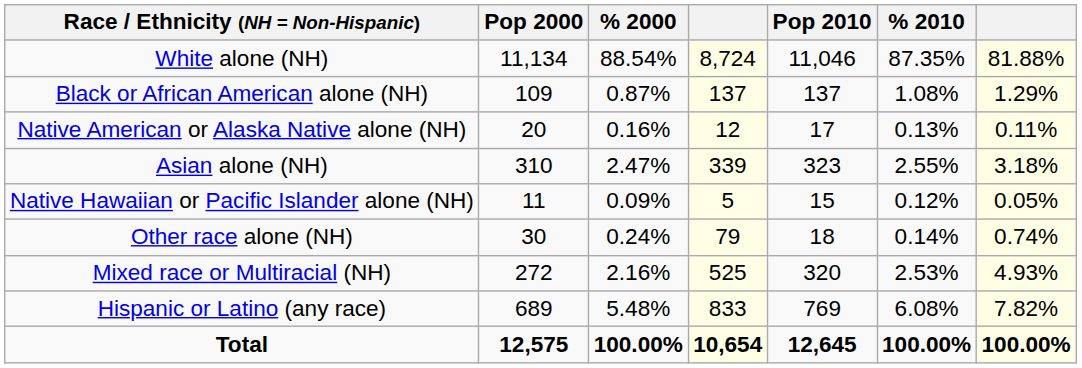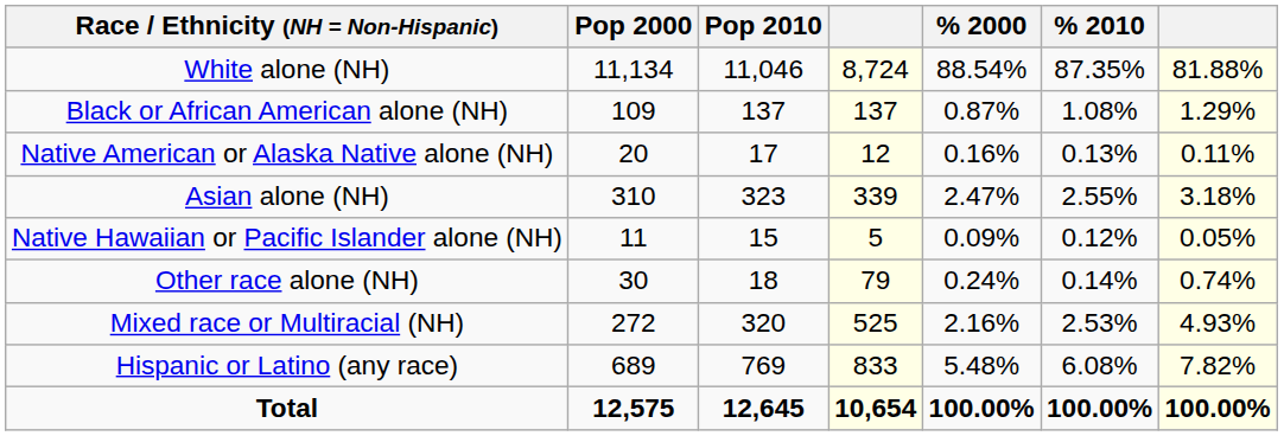 <table class="wikitable" style="text-align:center;">
 <tr>
 <th>Race / Ethnicity <small>(<em>NH = Non-Hispanic</em>)</small></th>
 <th>Pop 2000</th>
+<th>Pop 2010</th>
+<th></th>
 <th>% 2000</th>
-<th></th>
-<th>Pop 2010</th>
 <th>% 2010</th>
 <th></th>
 </tr>
 <tr>
 <td><a href='#'>White</a> alone (NH)</td>
 <td>11,134</td>
+<td>11,046</td>
+<td style='background: #ffffe6;'>8,724</td>
 <td>88.54%</td>
-<td style='background: #ffffe6;'>8,724</td>
-<td>11,046</td>
 <td>87.35%</td>
 <td style='background: #ffffe6;'>81.88%</td>
 </tr>
 <tr>
 <td><a href='#'>Black or African American</a> alone (NH)</td>
 <td>109</td>
+<td>137</td>
+<td style='background: #ffffe6;'>137</td>
 <td>0.87%</td>
-<td style='background: #ffffe6;'>137</td>
-<td>137</td>
 <td>1.08%</td>
 <td style='background: #ffffe6;'>1.29%</td>
 </tr>
 <tr>
 <td><a href='#'>Native American</a> or <a href='#'>Alaska Native</a> alone (NH)</td>
 <td>20</td>
+<td>17</td>
+<td style='background: #ffffe6;'>12</td>
 <td>0.16%</td>
-<td style='background: #ffffe6;'>12</td>
-<td>17</td>
 <td>0.13%</td>
 <td style='background: #ffffe6;'>0.11%</td>
 </tr>
 <tr>
 <td><a href='#'>Asian</a> alone (NH)</td>
 <td>310</td>
+<td>323</td>
+<td style='background: #ffffe6;'>339</td>
 <td>2.47%</td>
-<td style='background: #ffffe6;'>339</td>
-<td>323</td>
 <td>2.55%</td>
 <td style='background: #ffffe6;'>3.18%</td>
 </tr>
 <tr>
 <td><a href='#'>Native Hawaiian</a> or <a href='#'>Pacific Islander</a> alone (NH)</td>
 <td>11</td>
+<td>15</td>
+<td style='background: #ffffe6;'>5</td>
 <td>0.09%</td>
-<td style='background: #ffffe6;'>5</td>
-<td>15</td>
 <td>0.12%</td>
 <td style='background: #ffffe6;'>0.05%</td>
 </tr>
 <tr>
 <td><a href='#'>Other race</a> alone (NH)</td>
 <td>30</td>
+<td>18</td>
+<td style='background: #ffffe6;'>79</td>
 <td>0.24%</td>
-<td style='background: #ffffe6;'>79</td>
-<td>18</td>
 <td>0.14%</td>
 <td style='background: #ffffe6;'>0.74%</td>
 </tr>
 <tr>
 <td><a href='#'>Mixed race or Multiracial</a> (NH)</td>
 <td>272</td>
+<td>320</td>
+<td style='background: #ffffe6;'>525</td>
 <td>2.16%</td>
-<td style='background: #ffffe6;'>525</td>
-<td>320</td>
 <td>2.53%</td>
 <td style='background: #ffffe6;'>4.93%</td>
 </tr>
 <tr>
 <td><a href='#'>Hispanic or Latino</a> (any race)</td>
 <td>689</td>
+<td>769</td>
+<td style='background: #ffffe6;'>833</td>
 <td>5.48%</td>
-<td style='background: #ffffe6;'>833</td>
-<td>769</td>
 <td>6.08%</td>
 <td style='background: #ffffe6;'>7.82%</td>
 </tr>
 <tr>
 <td><strong>Total</strong></td>
 <td><strong>12,575</strong></td>
+<td><strong>12,645</strong></td>
+<td style='background: #ffffe6;'><strong>10,654</strong></td>
 <td><strong>100.00%</strong></td>
-<td style='background: #ffffe6;'><strong>10,654</strong></td>
-<td><strong>12,645</strong></td>
 <td><strong>100.00%</strong></td>
 <td style='background: #ffffe6;'><strong>100.00%</strong></td>
 </tr>
 </table>
